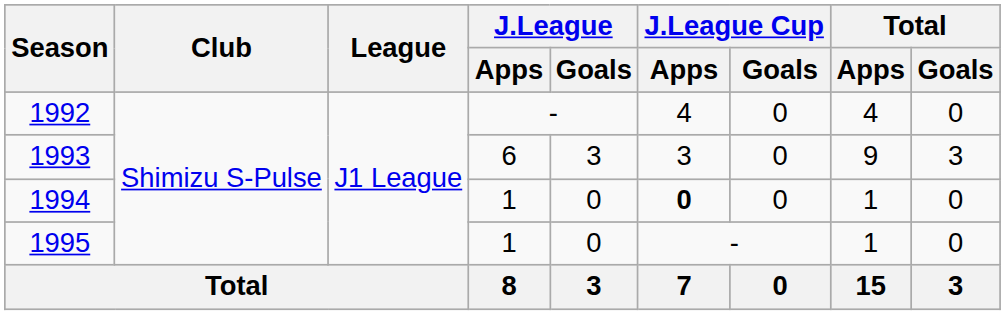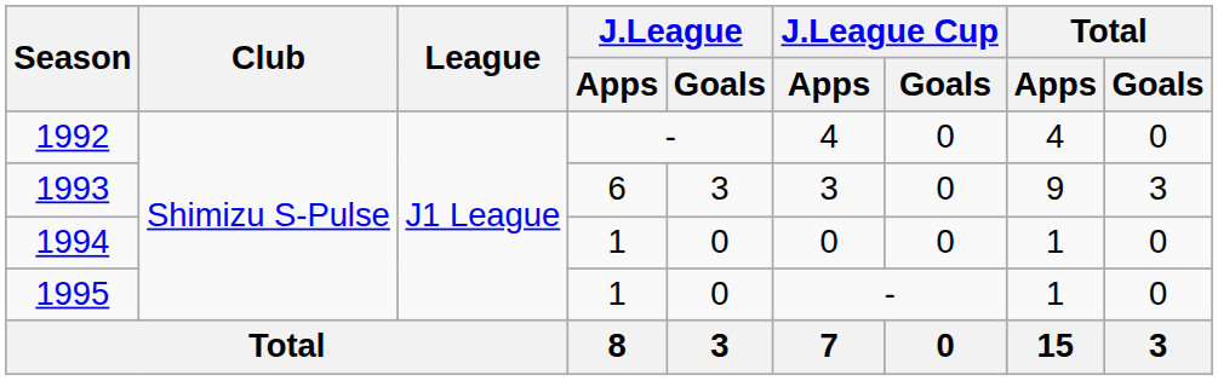 <table class="wikitable" style="text-align: center; margin-bottom: 10px;">
 <tr>
 <th rowspan="2">Season</th>
 <th rowspan="2">Club</th>
 <th rowspan="2">League</th>
 <th colspan="2"><a href='#'>J.League</a></th>
 <th colspan="2"><a href='#'>J.League Cup</a></th>
 <th colspan="2">Total</th>
 </tr>
 <tr>
 <th>Apps</th>
 <th>Goals</th>
 <th>Apps</th>
 <th>Goals</th>
 <th>Apps</th>
 <th>Goals</th>
 </tr>
 <tr>
 <td><a href='#'>1992</a></td>
 <td rowspan="4"><a href='#'>Shimizu S-Pulse</a></td>
 <td rowspan="4"><a href='#'>J1 League</a></td>
 <td colspan="2">-</td>
 <td>4</td>
 <td>0</td>
 <td>4</td>
 <td>0</td>
 </tr>
 <tr>
 <td><a href='#'>1993</a></td>
 <td>6</td>
 <td>3</td>
 <td>3</td>
 <td>0</td>
 <td>9</td>
 <td>3</td>
 </tr>
 <tr>
 <td><a href='#'>1994</a></td>
 <td>1</td>
 <td>0</td>
-<td><strong>0</strong></td>
+<td>0</td>
 <td>0</td>
 <td>1</td>
 <td>0</td>
 </tr>
 <tr>
 <td><a href='#'>1995</a></td>
 <td>1</td>
 <td>0</td>
 <td colspan="2">-</td>
 <td>1</td>
 <td>0</td>
 </tr>
 <tr>
 <th colspan="3">Total</th>
 <th>8</th>
 <th>3</th>
 <th>7</th>
 <th>0</th>
 <th>15</th>
 <th>3</th>
 </tr>
 </table>
